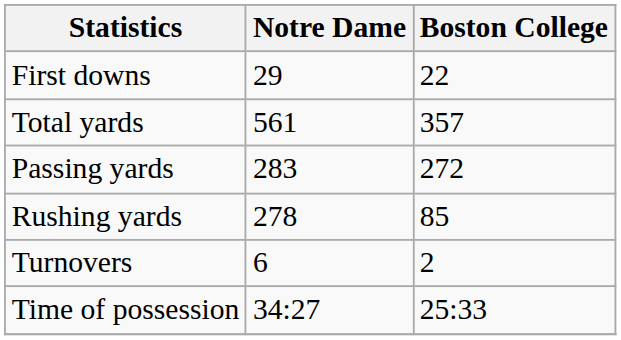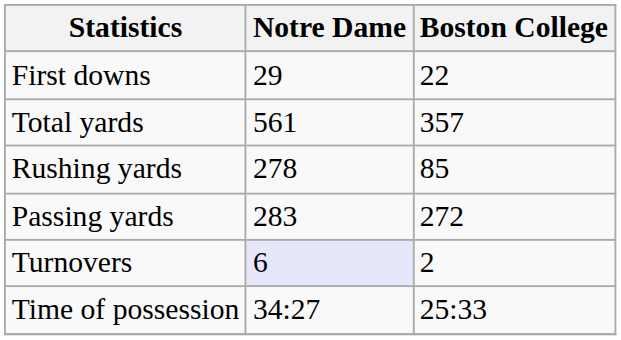 <table class="wikitable">
 <tr>
 <th>Statistics</th>
 <th>Notre Dame</th>
 <th>Boston College</th>
 </tr>
 <tr>
 <td>First downs</td>
 <td>29</td>
 <td>22</td>
 </tr>
 <tr>
 <td>Total yards</td>
 <td>561</td>
 <td>357</td>
 </tr>
 <tr>
+<td>Rushing yards</td>
+<td>278</td>
+<td>85</td>
+</tr>
+<tr>
 <td>Passing yards</td>
 <td>283</td>
 <td>272</td>
 </tr>
 <tr>
-<td>Rushing yards</td>
-<td>278</td>
-<td>85</td>
-</tr>
-<tr>
 <td>Turnovers</td>
-<td>6</td>
+<td style="background: lavender;">6</td>
 <td>2</td>
 </tr>
 <tr>
 <td>Time of possession</td>
 <td>34:27</td>
 <td>25:33</td>
 </tr>
 <tr>
 </tr>
 </table>
